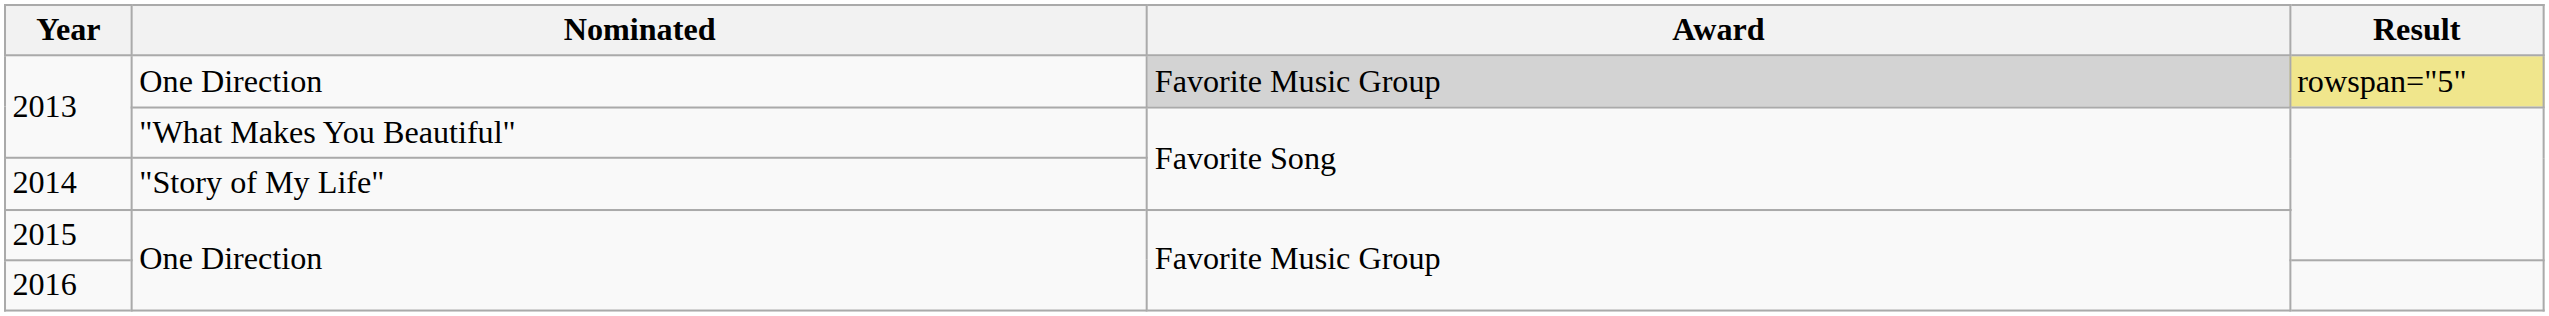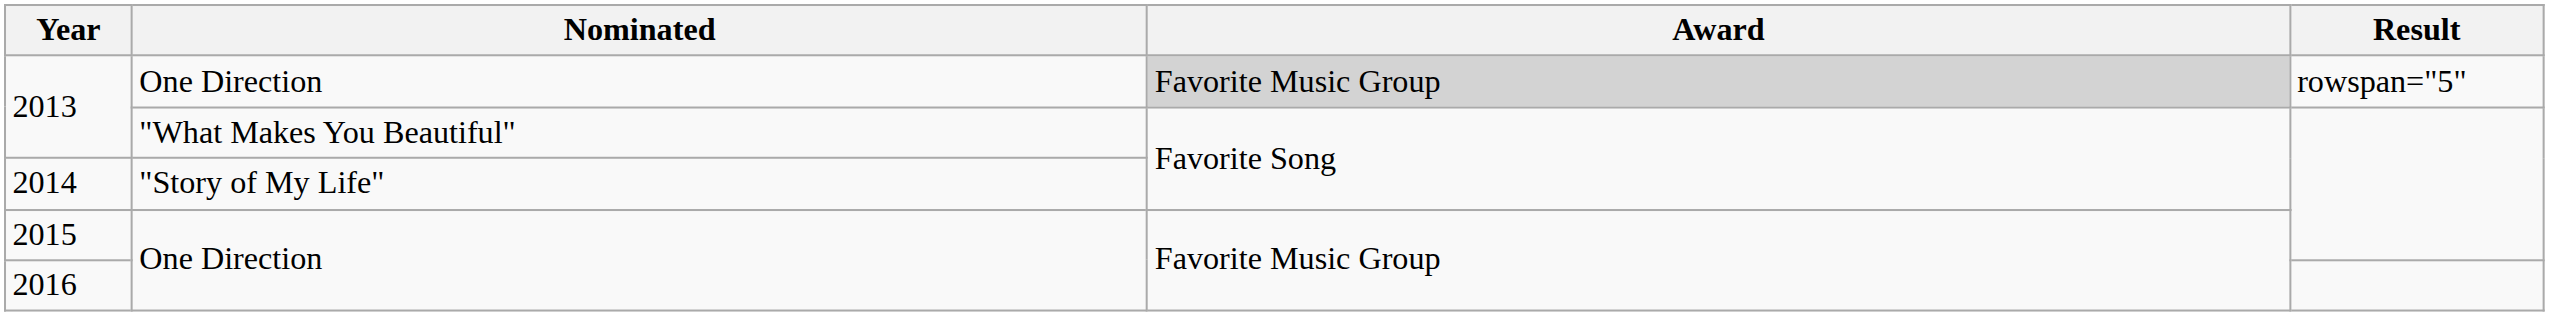 <table class="wikitable" style="width:100%;">
 <tr>
 <th width=5%>Year</th>
 <th style="width:40%;">Nominated</th>
 <th style="width:45%;">Award</th>
 <th style="width:10%;">Result</th>
 </tr>
 <tr>
 <td rowspan="2">2013</td>
 <td>One Direction</td>
 <td style="background: lightgrey;">Favorite Music Group</td>
-<td style="background: khaki;">rowspan="5" </td>
+<td>rowspan="5" </td>
 </tr>
 <tr>
 <td>"What Makes You Beautiful"</td>
 <td rowspan="2">Favorite Song</td>
 </tr>
 <tr>
 <td rowspan="2">2014</td>
 <td>"Story of My Life"</td>
 </tr>
 <tr>
 <td rowspan="3">One Direction</td>
 <td rowspan="3">Favorite Music Group</td>
 </tr>
 <tr>
 <td rowspan="1">2015</td>
 </tr>
 <tr>
 <td rowspan="1">2016</td>
 <td></td>
 </tr>
 </table>
